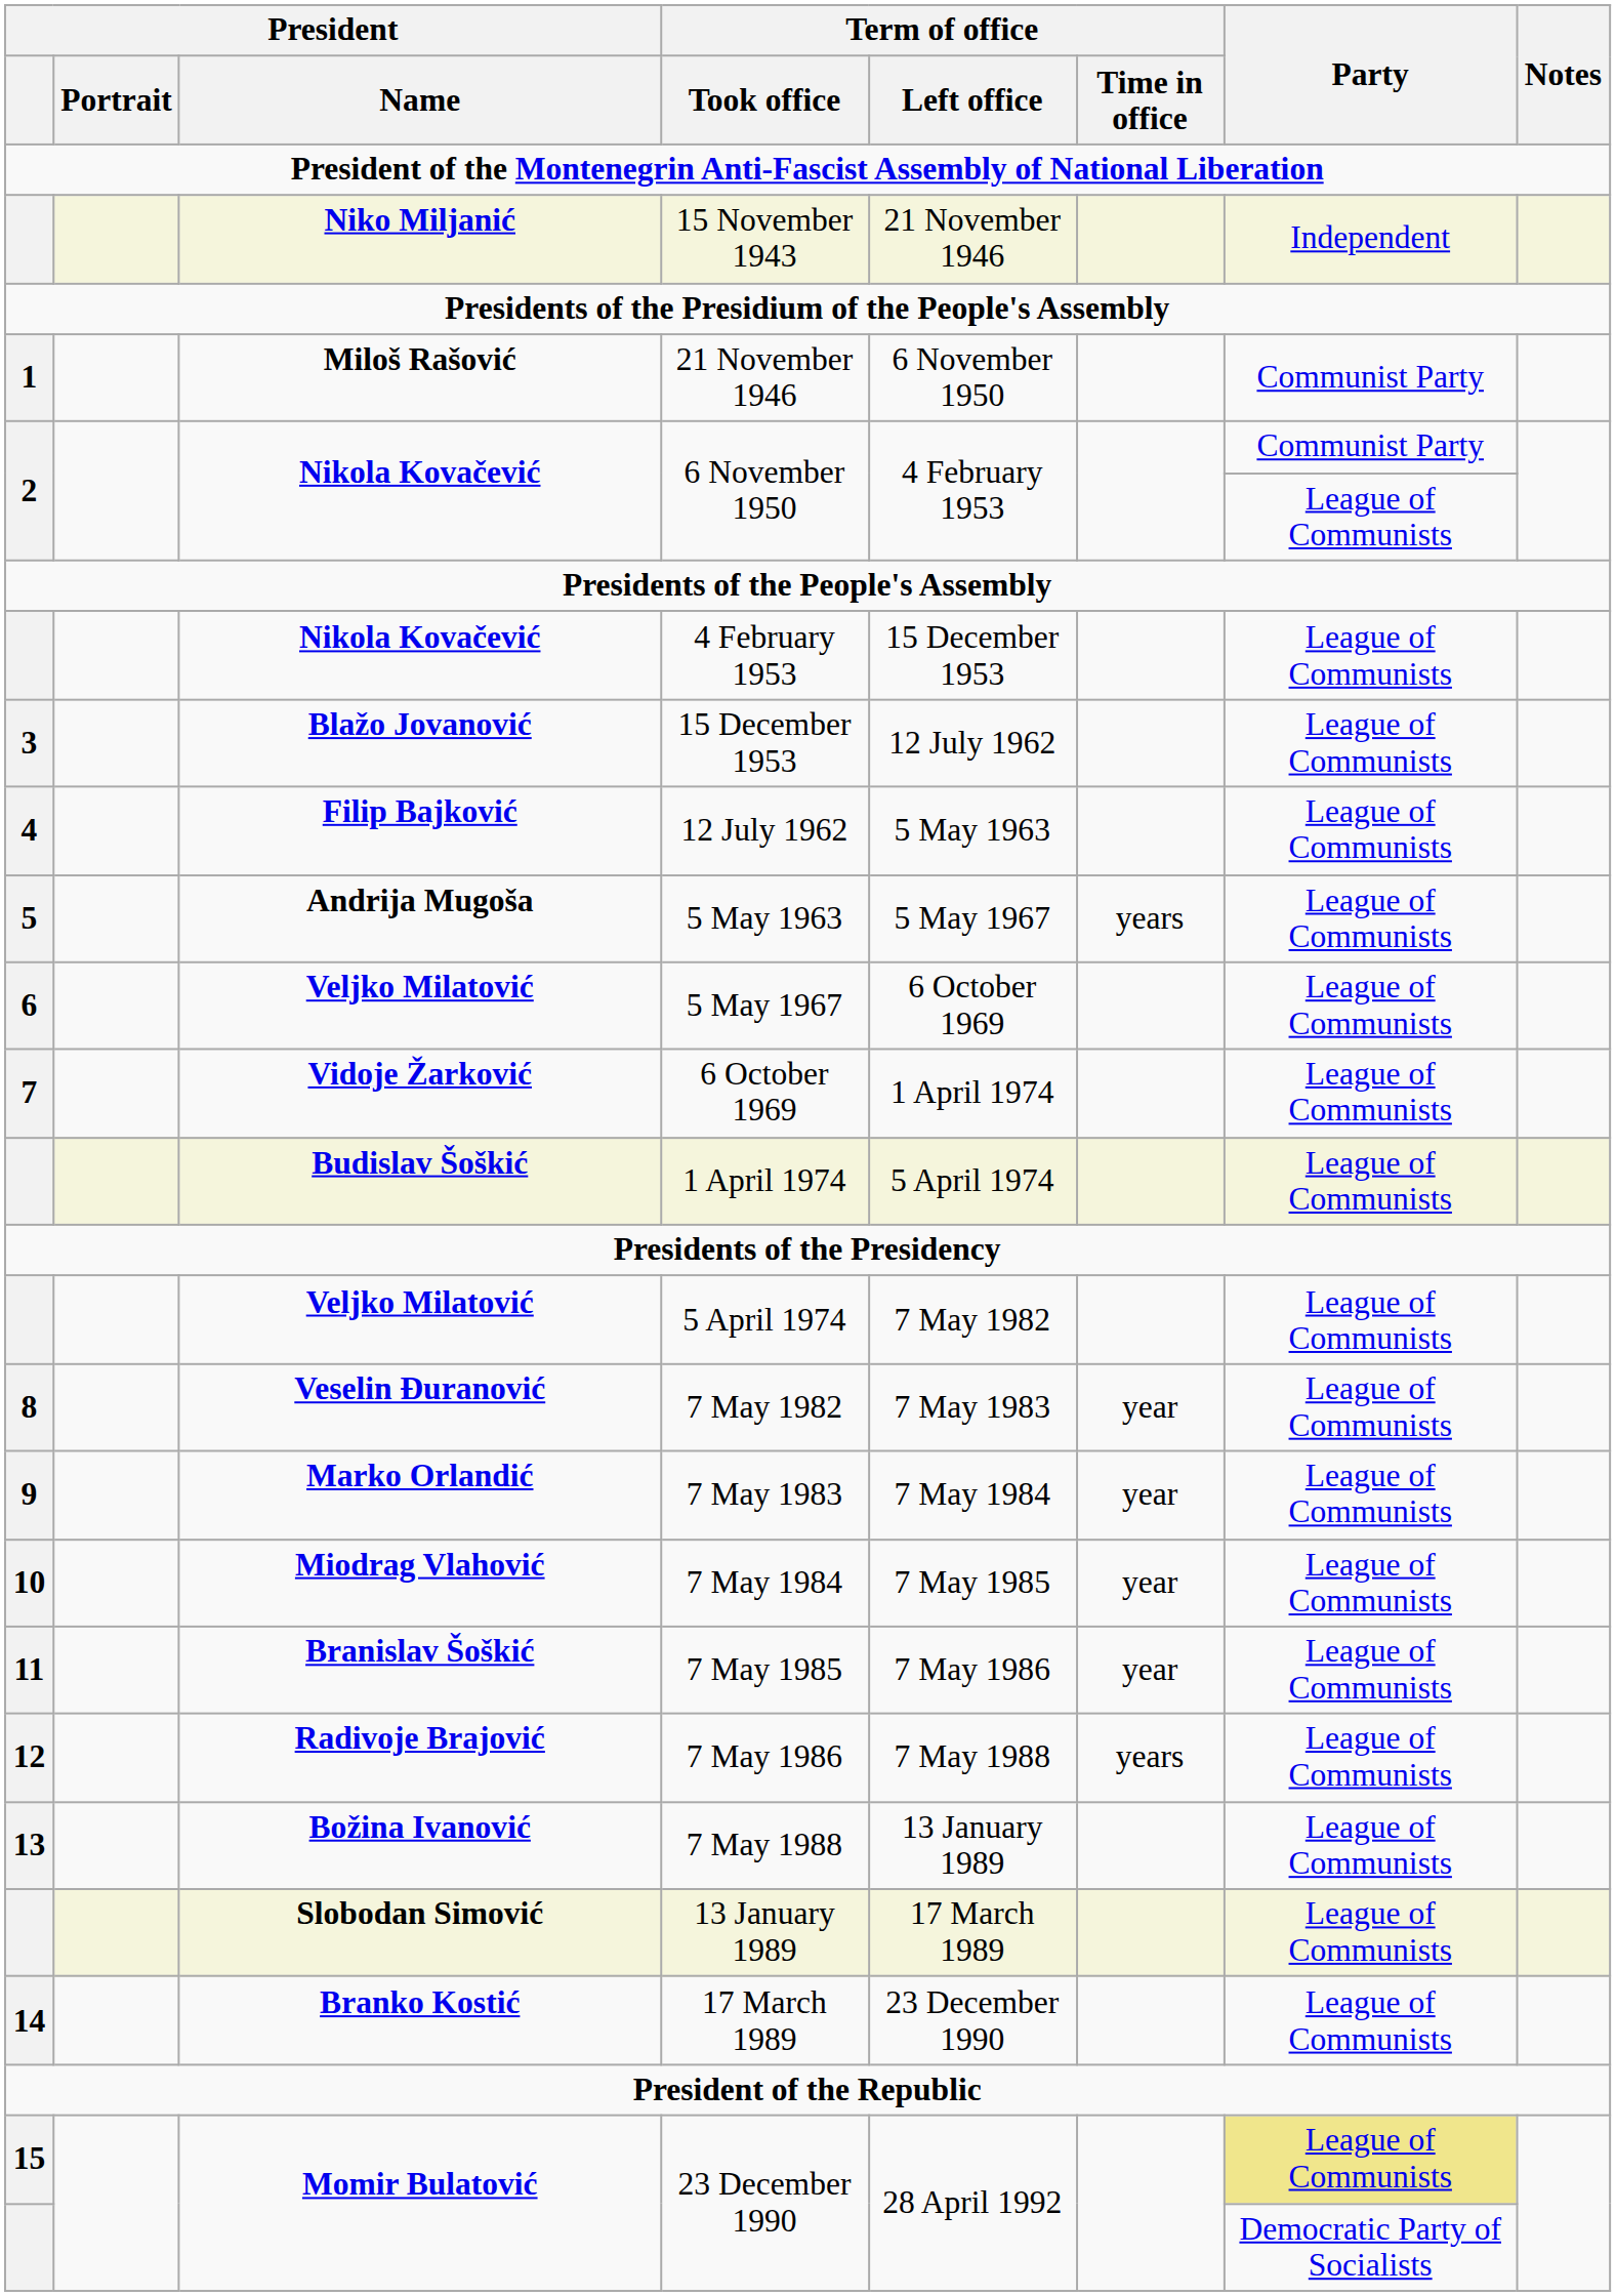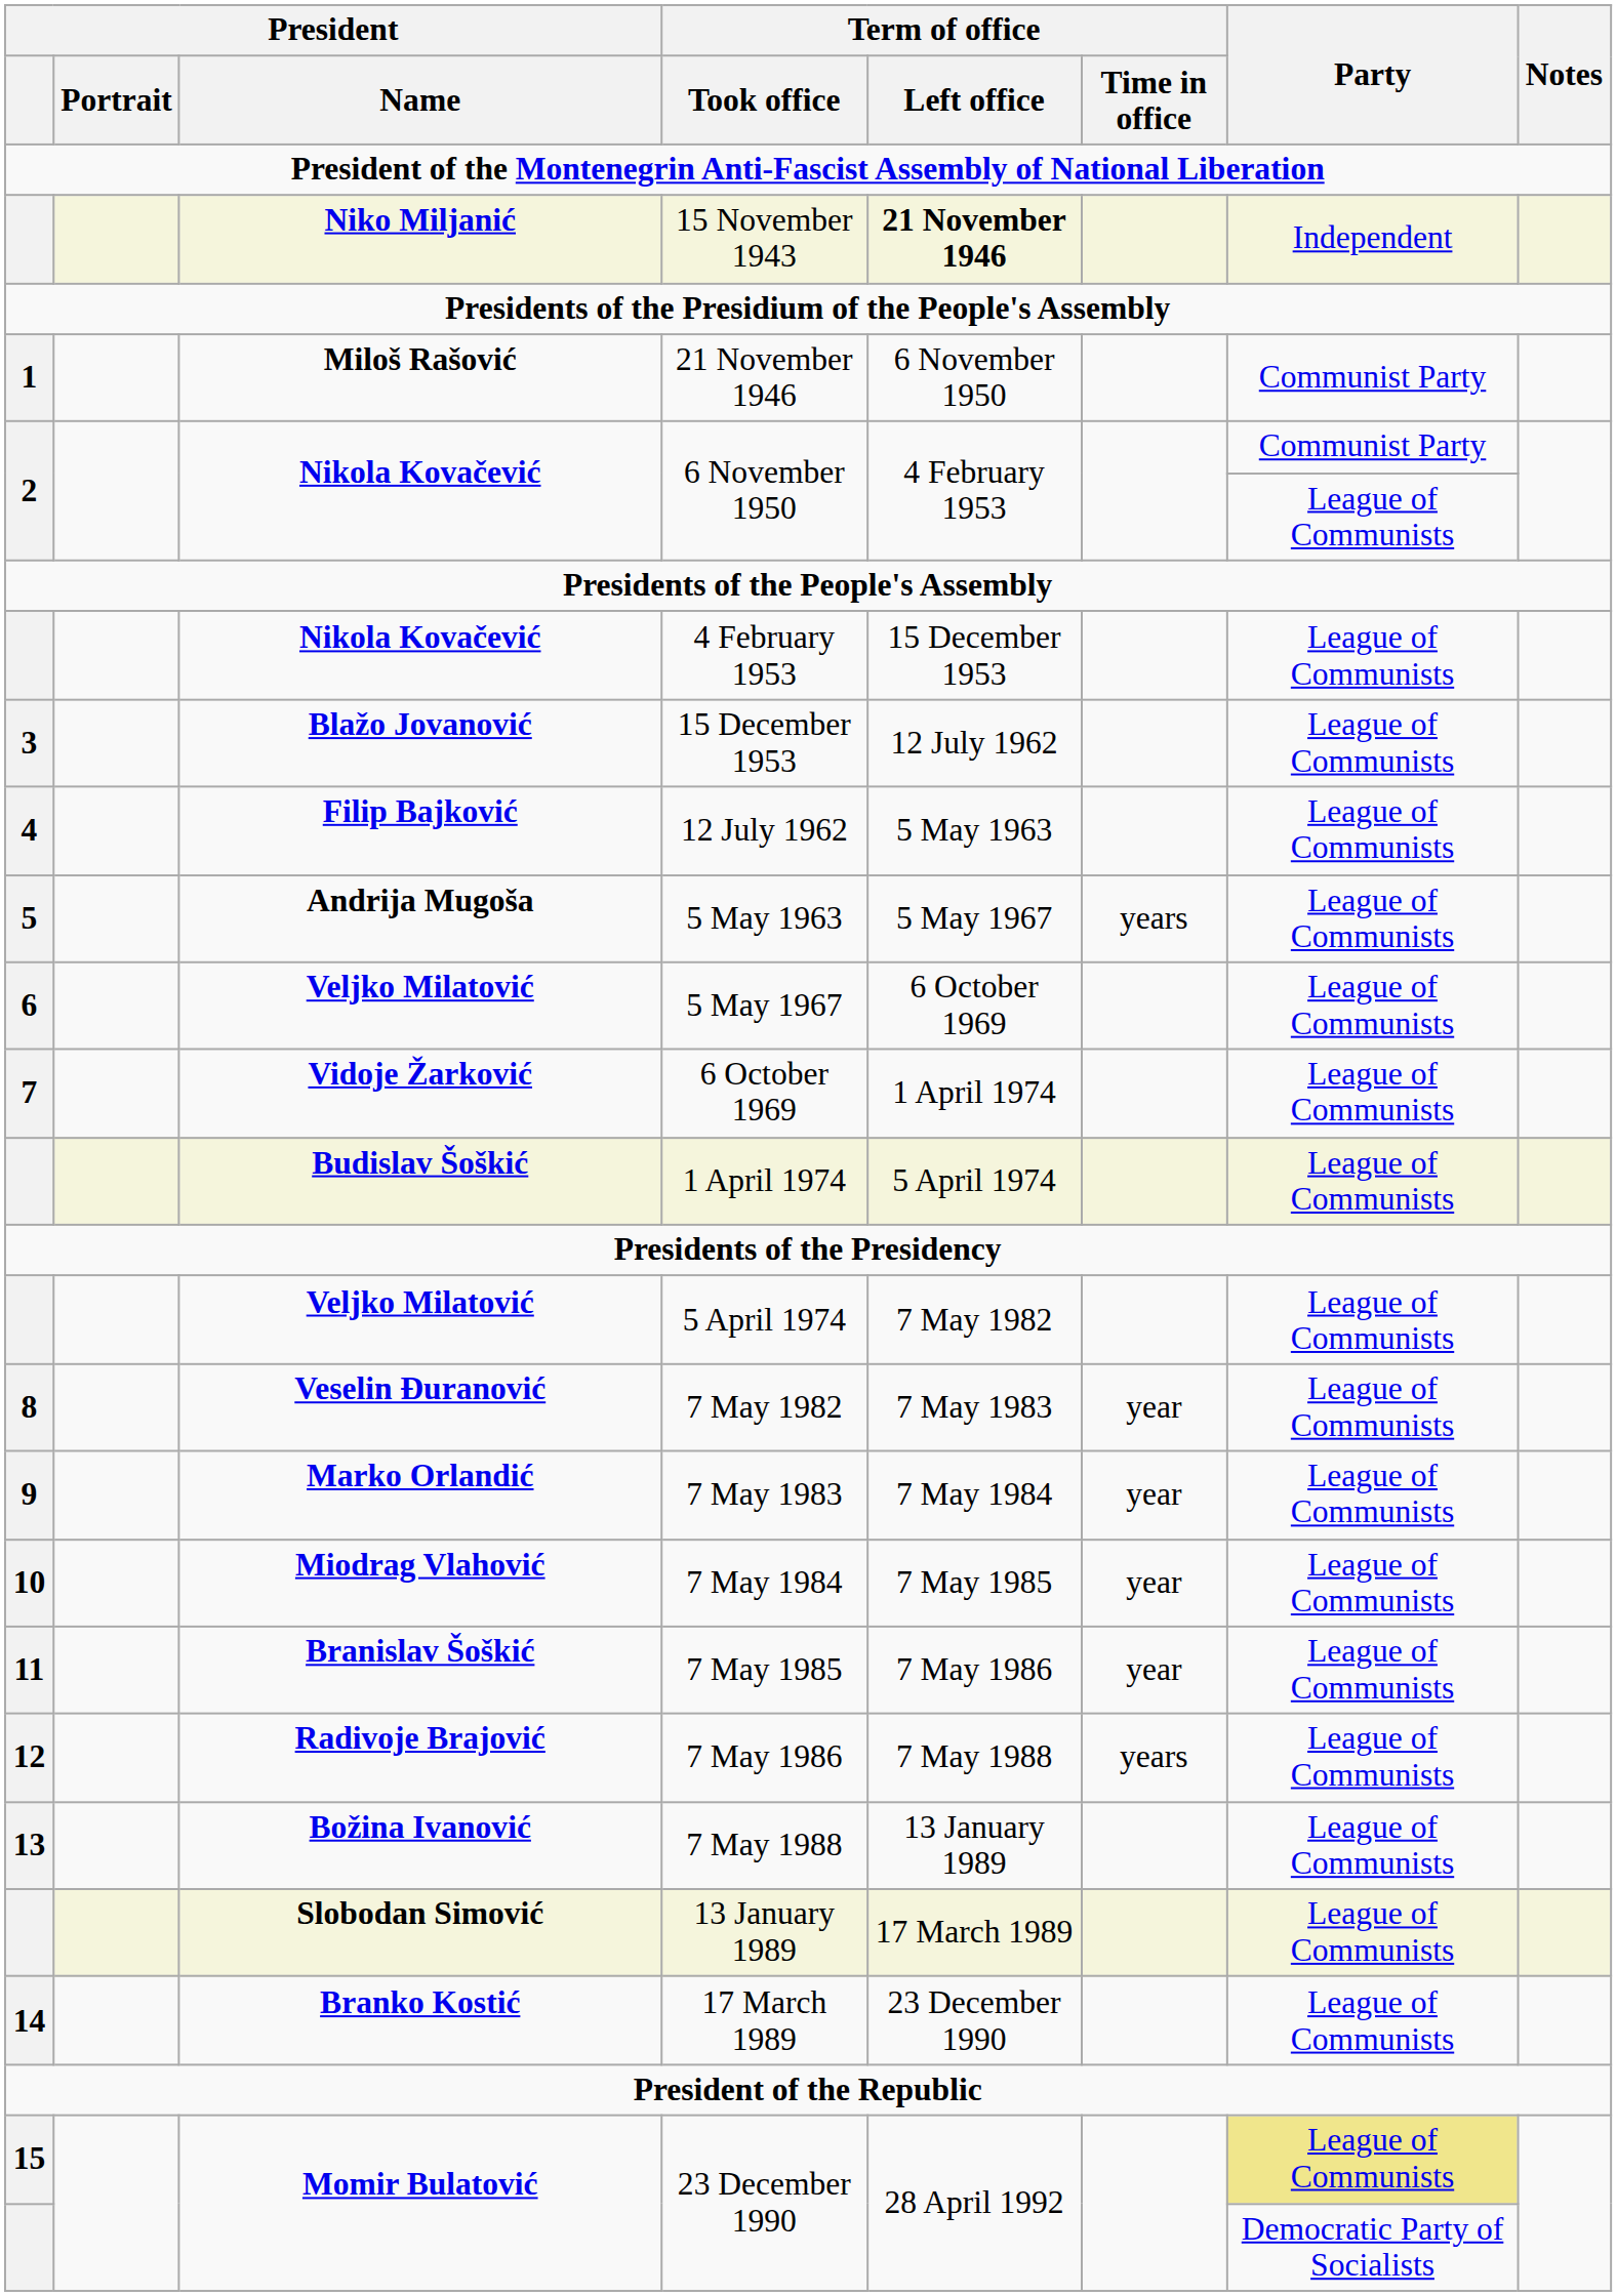 <table class="wikitable" style="text-align:center; width:90%">
 <tr>
 <th colspan=3>President</th>
 <th colspan=3>Term of office</th>
 <th rowspan=2>Party</th>
 <th rowspan=2>Notes</th>
 </tr>
 <tr>
 <th width=3%></th>
 <th>Portrait</th>
 <th width=30%>Name<br></th>
 <th>Took office</th>
 <th>Left office</th>
 <th>Time in office</th>
 </tr>
 <tr>
 <td colspan="8"><strong>President of the <a href='#'>Montenegrin Anti-Fascist Assembly of National Liberation</a></strong><br></td>
 </tr>
 <tr style="background:#F5F5DC;">
 <th style="background:"></th>
 <td></td>
 <td><strong><a href='#'>Niko Miljanić</a></strong><br><br></td>
 <td>15 November 1943</td>
-<td>21 November 1946</td>
+<td><strong>21 November 1946</strong></td>
 <td></td>
 <td><a href='#'>Independent</a><br></td>
 <td></td>
 </tr>
 <tr>
 <td colspan="8"><strong>Presidents of the Presidium of the People's Assembly</strong><br></td>
 </tr>
 <tr>
 <th style="background:">1</th>
 <td></td>
 <td><strong>Miloš Rašović</strong><br><br></td>
 <td>21 November 1946</td>
 <td>6 November 1950</td>
 <td></td>
 <td><a href='#'>Communist Party</a></td>
 <td></td>
 </tr>
 <tr>
 <th rowspan="2" style="background:">2</th>
 <td rowspan="2"></td>
 <td rowspan="2"><strong><a href='#'>Nikola Kovačević</a></strong><br><br></td>
 <td rowspan="2">6 November 1950</td>
 <td rowspan="2">4 February 1953</td>
 <td rowspan="2"></td>
 <td><a href='#'>Communist Party</a><br></td>
 <td rowspan="2"></td>
 </tr>
 <tr>
 <td><a href='#'>League of Communists</a><br></td>
 </tr>
 <tr>
 <td colspan="8"><strong>Presidents of the People's Assembly</strong><br></td>
 </tr>
 <tr>
 <th style="background:"></th>
 <td></td>
 <td><strong><a href='#'>Nikola Kovačević</a></strong><br><br></td>
 <td>4 February 1953</td>
 <td>15 December 1953</td>
 <td></td>
 <td><a href='#'>League of Communists</a></td>
 <td></td>
 </tr>
 <tr>
 <th style="background:">3</th>
 <td></td>
 <td><strong><a href='#'>Blažo Jovanović</a></strong><br><br></td>
 <td>15 December 1953</td>
 <td>12 July 1962</td>
 <td></td>
 <td><a href='#'>League of Communists</a></td>
 <td></td>
 </tr>
 <tr>
 <th style="background:">4</th>
 <td></td>
 <td><strong><a href='#'>Filip Bajković</a></strong><br><br></td>
 <td>12 July 1962</td>
 <td>5 May 1963</td>
 <td></td>
 <td><a href='#'>League of Communists</a></td>
 <td></td>
 </tr>
 <tr>
 <th style="background:">5</th>
 <td></td>
 <td><strong>Andrija Mugoša</strong><br><br></td>
 <td>5 May 1963</td>
 <td>5 May 1967</td>
 <td> years</td>
 <td><a href='#'>League of Communists</a></td>
 <td></td>
 </tr>
 <tr>
 <th style="background:">6</th>
 <td></td>
 <td><strong><a href='#'>Veljko Milatović</a></strong><br><br></td>
 <td>5 May 1967</td>
 <td>6 October 1969</td>
 <td></td>
 <td><a href='#'>League of Communists</a></td>
 <td></td>
 </tr>
 <tr>
 <th style="background:">7</th>
 <td></td>
 <td><strong><a href='#'>Vidoje Žarković</a></strong><br><br></td>
 <td>6 October 1969</td>
 <td>1 April 1974</td>
 <td></td>
 <td><a href='#'>League of Communists</a></td>
 <td></td>
 </tr>
 <tr style="background:#F5F5DC;">
 <th style="background:"></th>
 <td></td>
 <td><strong><a href='#'>Budislav Šoškić</a></strong><br><br></td>
 <td>1 April 1974</td>
 <td>5 April 1974</td>
 <td></td>
 <td><a href='#'>League of Communists</a></td>
 <td></td>
 </tr>
 <tr>
 <td colspan="8"><strong>Presidents of the Presidency</strong><br></td>
 </tr>
 <tr>
 <th style="background:"></th>
 <td></td>
 <td><strong><a href='#'>Veljko Milatović</a></strong><br><br></td>
 <td>5 April 1974</td>
 <td>7 May 1982</td>
 <td></td>
 <td><a href='#'>League of Communists</a></td>
 <td></td>
 </tr>
 <tr>
 <th style="background:">8</th>
 <td></td>
 <td><strong><a href='#'>Veselin Đuranović</a></strong><br><br></td>
 <td>7 May 1982</td>
 <td>7 May 1983</td>
 <td> year</td>
 <td><a href='#'>League of Communists</a></td>
 <td></td>
 </tr>
 <tr>
 <th style="background:">9</th>
 <td></td>
 <td><strong><a href='#'>Marko Orlandić</a></strong><br><br></td>
 <td>7 May 1983</td>
 <td>7 May 1984</td>
 <td> year</td>
 <td><a href='#'>League of Communists</a></td>
 <td></td>
 </tr>
 <tr>
 <th style="background:">10</th>
 <td></td>
 <td><strong><a href='#'>Miodrag Vlahović</a></strong><br><br></td>
 <td>7 May 1984</td>
 <td>7 May 1985</td>
 <td> year</td>
 <td><a href='#'>League of Communists</a></td>
 <td></td>
 </tr>
 <tr>
 <th style="background:">11</th>
 <td></td>
 <td><strong><a href='#'>Branislav Šoškić</a></strong><br><br></td>
 <td>7 May 1985</td>
 <td>7 May 1986</td>
 <td> year</td>
 <td><a href='#'>League of Communists</a></td>
 <td></td>
 </tr>
 <tr>
 <th style="background:">12</th>
 <td></td>
 <td><strong><a href='#'>Radivoje Brajović</a></strong><br><br></td>
 <td>7 May 1986</td>
 <td>7 May 1988</td>
 <td> years</td>
 <td><a href='#'>League of Communists</a></td>
 <td></td>
 </tr>
 <tr>
 <th style="background:">13</th>
 <td></td>
 <td><strong><a href='#'>Božina Ivanović</a></strong><br><br></td>
 <td>7 May 1988</td>
 <td>13 January 1989</td>
 <td></td>
 <td><a href='#'>League of Communists</a></td>
 <td></td>
 </tr>
 <tr style="background:#F5F5DC;">
 <th style="background:"></th>
 <td></td>
 <td><strong>Slobodan Simović</strong><br><br></td>
 <td>13 January 1989</td>
 <td>17 March 1989</td>
 <td></td>
 <td><a href='#'>League of Communists</a></td>
 <td></td>
 </tr>
 <tr>
 <th style="background:">14</th>
 <td></td>
 <td><strong><a href='#'>Branko Kostić</a></strong><br><br></td>
 <td>17 March 1989</td>
 <td>23 December 1990</td>
 <td></td>
 <td><a href='#'>League of Communists</a></td>
 <td></td>
 </tr>
 <tr>
 <td colspan="8"><strong>President of the Republic</strong><br></td>
 </tr>
 <tr>
 <th style="background:">15</th>
 <td rowspan="2"></td>
 <td rowspan="2"><strong><a href='#'>Momir Bulatović</a></strong><br><br></td>
 <td rowspan="2">23 December 1990</td>
 <td rowspan="2">28 April 1992</td>
 <td rowspan="2"></td>
 <td style="background: khaki;"><a href='#'>League of Communists</a><br></td>
 <td rowspan="2"></td>
 </tr>
 <tr>
 <th style="background: "></th>
 <td><a href='#'>Democratic Party of Socialists</a><br></td>
 </tr>
 </table>
